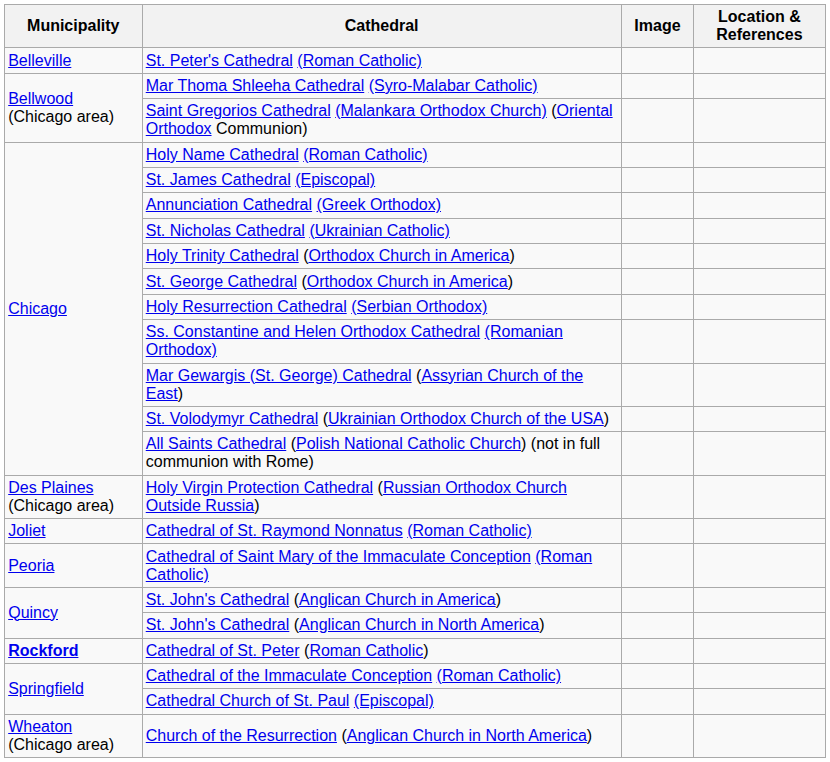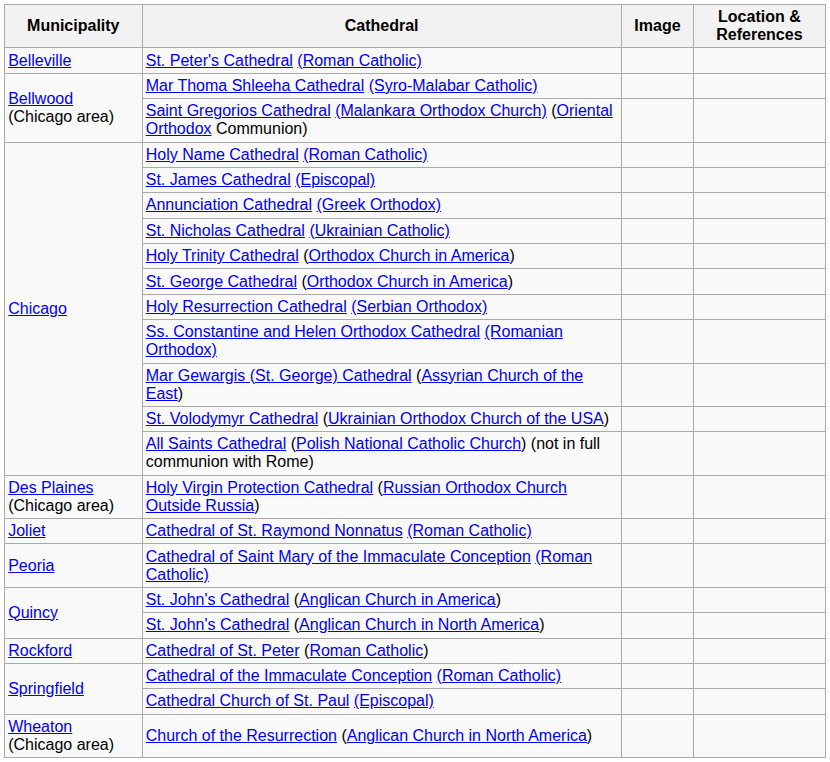 <table width=65% class="wikitable">
 <tr>
 <th width = 10%>Municipality</th>
 <th width = 40%>Cathedral</th>
 <th width = 5%>Image</th>
 <th width = 10%>Location & References</th>
 </tr>
 <tr>
 <td><a href='#'>Belleville</a></td>
 <td><a href='#'>St. Peter's Cathedral</a> <a href='#'>(Roman Catholic)</a></td>
 <td></td>
 <td><small><br></small></td>
 </tr>
 <tr>
 <td rowspan=2><a href='#'>Bellwood</a> (Chicago area)</td>
 <td><a href='#'>Mar Thoma Shleeha Cathedral</a> <a href='#'>(Syro-Malabar Catholic)</a></td>
 <td></td>
 <td><small><br></small></td>
 </tr>
 <tr>
 <td><a href='#'>Saint Gregorios Cathedral</a> <a href='#'>(Malankara Orthodox Church)</a> (<a href='#'>Oriental Orthodox</a> Communion)</td>
 <td></td>
 <td><small><br></small></td>
 </tr>
 <tr>
 <td rowspan=11><a href='#'>Chicago</a></td>
 <td><a href='#'>Holy Name Cathedral</a> <a href='#'>(Roman Catholic)</a></td>
 <td></td>
 <td><small><br></small></td>
 </tr>
 <tr>
 <td><a href='#'>St. James Cathedral</a> <a href='#'>(Episcopal)</a></td>
 <td></td>
 <td><small><br></small></td>
 </tr>
 <tr>
 <td><a href='#'>Annunciation Cathedral</a> <a href='#'>(Greek Orthodox)</a></td>
 <td></td>
 <td><small><br></small></td>
 </tr>
 <tr>
 <td><a href='#'>St. Nicholas Cathedral</a> <a href='#'>(Ukrainian Catholic)</a></td>
 <td></td>
 <td><small><br></small></td>
 </tr>
 <tr>
 <td><a href='#'>Holy Trinity Cathedral</a> (<a href='#'>Orthodox Church in America</a>)</td>
 <td></td>
 <td><small><br></small></td>
 </tr>
 <tr>
 <td><a href='#'>St. George Cathedral</a>  (<a href='#'>Orthodox Church in America</a>)</td>
 <td></td>
 <td><small><br></small></td>
 </tr>
 <tr>
 <td><a href='#'>Holy Resurrection Cathedral</a>  <a href='#'>(Serbian Orthodox)</a></td>
 <td></td>
 <td><small><br></small></td>
 </tr>
 <tr>
 <td><a href='#'>Ss. Constantine and Helen Orthodox Cathedral</a> <a href='#'>(Romanian Orthodox)</a></td>
 <td></td>
 <td><small><br></small></td>
 </tr>
 <tr>
 <td><a href='#'>Mar Gewargis (St. George) Cathedral</a> (<a href='#'>Assyrian Church of the East</a>)</td>
 <td></td>
 <td><small><br></small></td>
 </tr>
 <tr>
 <td><a href='#'>St. Volodymyr Cathedral</a> (<a href='#'>Ukrainian Orthodox Church of the USA</a>)</td>
 <td></td>
 <td><small><br></small></td>
 </tr>
 <tr>
 <td><a href='#'>All Saints Cathedral</a>  (<a href='#'>Polish National Catholic Church</a>) (not in full communion with Rome)</td>
 <td></td>
 <td><small><br></small></td>
 </tr>
 <tr>
 <td><a href='#'>Des Plaines</a> (Chicago area)</td>
 <td><a href='#'>Holy Virgin Protection Cathedral</a> (<a href='#'>Russian Orthodox Church Outside Russia</a>)</td>
 <td></td>
 <td><small><br></small></td>
 </tr>
 <tr>
 <td><a href='#'>Joliet</a></td>
 <td><a href='#'>Cathedral of St. Raymond Nonnatus</a> <a href='#'>(Roman Catholic)</a></td>
 <td></td>
 <td><small><br></small></td>
 </tr>
 <tr>
 <td><a href='#'>Peoria</a></td>
 <td><a href='#'>Cathedral of Saint Mary of the Immaculate Conception</a> <a href='#'>(Roman Catholic)</a></td>
 <td></td>
 <td><small><br></small></td>
 </tr>
 <tr>
 <td rowspan=2><a href='#'>Quincy</a></td>
 <td><a href='#'>St. John's Cathedral</a> (<a href='#'>Anglican Church in America</a>)</td>
 <td></td>
 <td><small><br></small></td>
 </tr>
 <tr>
 <td><a href='#'>St. John's Cathedral</a> (<a href='#'>Anglican Church in North America</a>)</td>
 <td></td>
 <td><small><br></small></td>
 </tr>
 <tr>
-<td><strong><a href='#'>Rockford</a></strong></td>
+<td><a href='#'>Rockford</a></td>
 <td><a href='#'>Cathedral of St. Peter</a> (<a href='#'>Roman Catholic</a>)</td>
 <td></td>
 <td><small><br></small></td>
 </tr>
 <tr>
 <td rowspan=2><a href='#'>Springfield</a></td>
 <td><a href='#'>Cathedral of the Immaculate Conception</a> <a href='#'>(Roman Catholic)</a></td>
 <td></td>
 <td><small><br></small></td>
 </tr>
 <tr>
 <td><a href='#'>Cathedral Church of St. Paul</a>  <a href='#'>(Episcopal)</a></td>
 <td></td>
 <td><small><br></small></td>
 </tr>
 <tr>
 <td><a href='#'>Wheaton</a> (Chicago area)</td>
 <td><a href='#'>Church of the Resurrection</a> (<a href='#'>Anglican Church in North America</a>)</td>
 <td></td>
 <td><small><br></small></td>
 </tr>
 </table>
